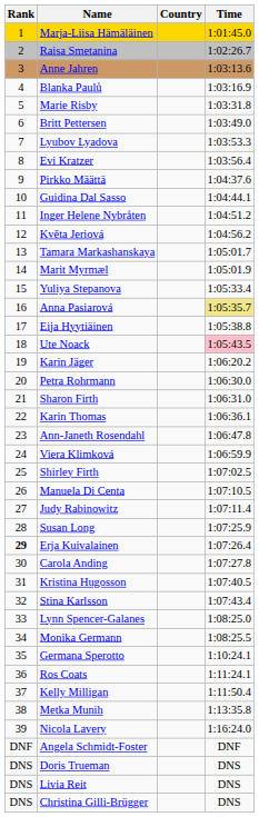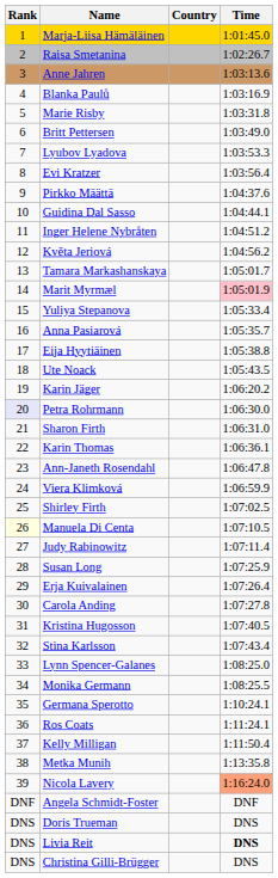 <table class="wikitable sortable" style="text-align:center">
 <tr>
 <th>Rank</th>
 <th>Name</th>
 <th>Country</th>
 <th>Time</th>
 </tr>
 <tr bgcolor=gold>
 <td>1</td>
 <td align="left"><a href='#'>Marja-Liisa Hämäläinen</a></td>
 <td align="left"></td>
 <td>1:01:45.0</td>
 </tr>
 <tr bgcolor=silver>
 <td>2</td>
 <td align="left"><a href='#'>Raisa Smetanina</a></td>
 <td align="left"></td>
 <td>1:02:26.7</td>
 </tr>
 <tr bgcolor=#CC9966>
 <td>3</td>
 <td align="left"><a href='#'>Anne Jahren</a></td>
 <td align="left"></td>
 <td>1:03:13.6</td>
 </tr>
 <tr>
 <td>4</td>
 <td align="left"><a href='#'>Blanka Paulů</a></td>
 <td align="left"></td>
 <td>1:03:16.9</td>
 </tr>
 <tr>
 <td>5</td>
 <td align="left"><a href='#'>Marie Risby</a></td>
 <td align="left"></td>
 <td>1:03:31.8</td>
 </tr>
 <tr>
 <td>6</td>
 <td align="left"><a href='#'>Britt Pettersen</a></td>
 <td align="left"></td>
 <td>1:03:49.0</td>
 </tr>
 <tr>
 <td>7</td>
 <td align="left"><a href='#'>Lyubov Lyadova</a></td>
 <td align="left"></td>
 <td>1:03:53.3</td>
 </tr>
 <tr>
 <td>8</td>
 <td align="left"><a href='#'>Evi Kratzer</a></td>
 <td align="left"></td>
 <td>1:03:56.4</td>
 </tr>
 <tr>
 <td>9</td>
 <td align="left"><a href='#'>Pirkko Määttä</a></td>
 <td align="left"></td>
 <td>1:04:37.6</td>
 </tr>
 <tr>
 <td>10</td>
 <td align="left"><a href='#'>Guidina Dal Sasso</a></td>
 <td align="left"></td>
 <td>1:04:44.1</td>
 </tr>
 <tr>
 <td>11</td>
 <td align="left"><a href='#'>Inger Helene Nybråten</a></td>
 <td align="left"></td>
 <td>1:04:51.2</td>
 </tr>
 <tr>
 <td>12</td>
 <td align="left"><a href='#'>Květa Jeriová</a></td>
 <td align="left"></td>
 <td>1:04:56.2</td>
 </tr>
 <tr>
 <td>13</td>
 <td align="left"><a href='#'>Tamara Markashanskaya</a></td>
 <td align="left"></td>
 <td>1:05:01.7</td>
 </tr>
 <tr>
 <td>14</td>
 <td align="left"><a href='#'>Marit Myrmæl</a></td>
 <td align="left"></td>
-<td>1:05:01.9</td>
+<td style="background: pink;">1:05:01.9</td>
 </tr>
 <tr>
 <td>15</td>
 <td align="left"><a href='#'>Yuliya Stepanova</a></td>
 <td align="left"></td>
 <td>1:05:33.4</td>
 </tr>
 <tr>
 <td>16</td>
 <td align="left"><a href='#'>Anna Pasiarová</a></td>
 <td align="left"></td>
-<td style="background: khaki;">1:05:35.7</td>
+<td>1:05:35.7</td>
 </tr>
 <tr>
 <td>17</td>
 <td align="left"><a href='#'>Eija Hyytiäinen</a></td>
 <td align="left"></td>
 <td>1:05:38.8</td>
 </tr>
 <tr>
 <td>18</td>
 <td align="left"><a href='#'>Ute Noack</a></td>
 <td align="left"></td>
-<td style="background: pink;">1:05:43.5</td>
+<td>1:05:43.5</td>
 </tr>
 <tr>
 <td>19</td>
 <td align="left"><a href='#'>Karin Jäger</a></td>
 <td align="left"></td>
 <td>1:06:20.2</td>
 </tr>
 <tr>
-<td>20</td>
+<td style="background: lavender;">20</td>
 <td align="left"><a href='#'>Petra Rohrmann</a></td>
 <td align="left"></td>
 <td>1:06:30.0</td>
 </tr>
 <tr>
 <td>21</td>
 <td align="left"><a href='#'>Sharon Firth</a></td>
 <td align="left"></td>
 <td>1:06:31.0</td>
 </tr>
 <tr>
 <td>22</td>
 <td align="left"><a href='#'>Karin Thomas</a></td>
 <td align="left"></td>
 <td>1:06:36.1</td>
 </tr>
 <tr>
 <td>23</td>
 <td align="left"><a href='#'>Ann-Janeth Rosendahl</a></td>
 <td align="left"></td>
 <td>1:06:47.8</td>
 </tr>
 <tr>
 <td>24</td>
 <td align="left"><a href='#'>Viera Klimková</a></td>
 <td align="left"></td>
 <td>1:06:59.9</td>
 </tr>
 <tr>
 <td>25</td>
 <td align="left"><a href='#'>Shirley Firth</a></td>
 <td align="left"></td>
 <td>1:07:02.5</td>
 </tr>
 <tr>
-<td>26</td>
+<td style="background: lightyellow;">26</td>
 <td align="left"><a href='#'>Manuela Di Centa</a></td>
 <td align="left"></td>
 <td>1:07:10.5</td>
 </tr>
 <tr>
 <td>27</td>
 <td align="left"><a href='#'>Judy Rabinowitz</a></td>
 <td align="left"></td>
 <td>1:07:11.4</td>
 </tr>
 <tr>
 <td>28</td>
 <td align="left"><a href='#'>Susan Long</a></td>
 <td align="left"></td>
 <td>1:07:25.9</td>
 </tr>
 <tr>
-<td><strong>29</strong></td>
+<td>29</td>
 <td align="left"><a href='#'>Erja Kuivalainen</a></td>
 <td align="left"></td>
 <td>1:07:26.4</td>
 </tr>
 <tr>
 <td>30</td>
 <td align="left"><a href='#'>Carola Anding</a></td>
 <td align="left"></td>
 <td>1:07:27.8</td>
 </tr>
 <tr>
 <td>31</td>
 <td align="left"><a href='#'>Kristina Hugosson</a></td>
 <td align="left"></td>
 <td>1:07:40.5</td>
 </tr>
 <tr>
 <td>32</td>
 <td align="left"><a href='#'>Stina Karlsson</a></td>
 <td align="left"></td>
 <td>1:07:43.4</td>
 </tr>
 <tr>
 <td>33</td>
 <td align="left"><a href='#'>Lynn Spencer-Galanes</a></td>
 <td align="left"></td>
 <td>1:08:25.0</td>
 </tr>
 <tr>
 <td>34</td>
 <td align="left"><a href='#'>Monika Germann</a></td>
 <td align="left"></td>
 <td>1:08:25.5</td>
 </tr>
 <tr>
 <td>35</td>
 <td align="left"><a href='#'>Germana Sperotto</a></td>
 <td align="left"></td>
 <td>1:10:24.1</td>
 </tr>
 <tr>
 <td>36</td>
 <td align="left"><a href='#'>Ros Coats</a></td>
 <td align="left"></td>
 <td>1:11:24.1</td>
 </tr>
 <tr>
 <td>37</td>
 <td align="left"><a href='#'>Kelly Milligan</a></td>
 <td align="left"></td>
 <td>1:11:50.4</td>
 </tr>
 <tr>
 <td>38</td>
 <td align="left"><a href='#'>Metka Munih</a></td>
 <td align="left"></td>
 <td>1:13:35.8</td>
 </tr>
 <tr>
 <td>39</td>
 <td align="left"><a href='#'>Nicola Lavery</a></td>
 <td align="left"></td>
-<td>1:16:24.0</td>
+<td style="background: lightsalmon;">1:16:24.0</td>
 </tr>
 <tr>
 <td> DNF</td>
 <td align="left"><a href='#'>Angela Schmidt-Foster</a></td>
 <td align="left"></td>
 <td>DNF</td>
 </tr>
 <tr>
 <td> DNS</td>
 <td align="left"><a href='#'>Doris Trueman</a></td>
 <td align="left"></td>
 <td>DNS</td>
 </tr>
 <tr>
 <td> DNS</td>
 <td align="left"><a href='#'>Livia Reit</a></td>
 <td align="left"></td>
-<td>DNS</td>
+<td><strong>DNS</strong></td>
 </tr>
 <tr>
 <td> DNS</td>
 <td align="left"><a href='#'>Christina Gilli-Brügger</a></td>
 <td align="left"></td>
 <td>DNS</td>
 </tr>
 </table>
